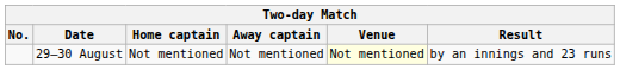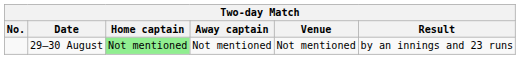 <table class="wikitable">
 <tr>
 <th colspan="9">Two-day Match</th>
 </tr>
 <tr>
 <th>No.</th>
 <th>Date</th>
 <th>Home captain</th>
 <th>Away captain</th>
 <th>Venue</th>
 <th>Result</th>
 </tr>
 <tr>
 <td></td>
 <td>29–30 August</td>
+<td style="background: lightgreen;">Not mentioned</td>
 <td>Not mentioned</td>
 <td>Not mentioned</td>
-<td style="background: lightyellow;">Not mentioned</td>
 <td> by an innings and 23 runs</td>
 </tr>
 </table>
